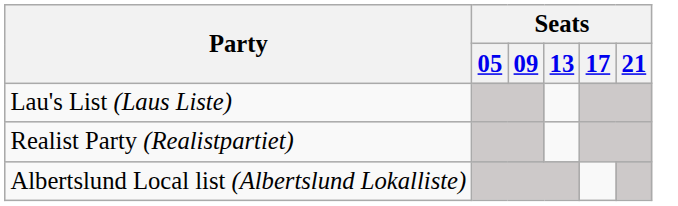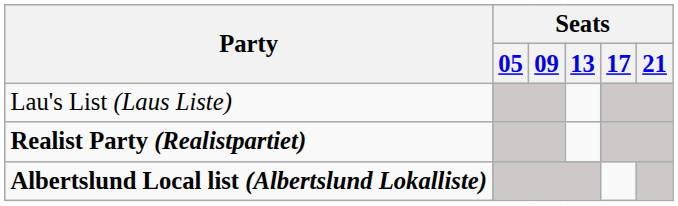 <table class="wikitable">
 <tr>
 <th rowspan=2>Party</th>
 <th colspan=11>Seats</th>
 </tr>
 <tr>
 <th><a href='#'>05</a></th>
 <th><a href='#'>09</a></th>
 <th><a href='#'>13</a></th>
 <th><a href='#'>17</a></th>
 <th><a href='#'>21</a></th>
 </tr>
 <tr>
 <td>Lau's List <em>(Laus Liste)</em></td>
 <td style="background:#CDC9C9;" colspan=2></td>
 <td></td>
 <td style="background:#CDC9C9;" colspan=2></td>
 </tr>
 <tr>
-<td>Realist Party <em>(Realistpartiet)</em></td>
+<td><strong>Realist Party <em>(Realistpartiet)</em></strong></td>
 <td style="background:#CDC9C9;" colspan=2></td>
 <td></td>
 <td style="background:#CDC9C9;" colspan=2></td>
 </tr>
 <tr>
-<td>Albertslund Local list <em>(Albertslund Lokalliste)</em></td>
+<td><strong>Albertslund Local list <em>(Albertslund Lokalliste)</em></strong></td>
 <td style="background:#CDC9C9;" colspan=3></td>
 <td></td>
 <td style="background:#CDC9C9;"></td>
 </tr>
 </table>
